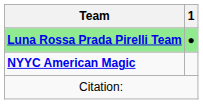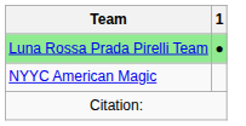 <table class="wikitable" style="font-size:10pt;line-height:1.5;text-align: center;">
 <tr>
 <th>Team</th>
 <th>1</th>
 </tr>
 <tr>
-<td align=left bgcolor="#90EB90"><strong> <a href='#'>Luna Rossa Prada Pirelli Team</a></strong></td>
+<td align=left bgcolor="#90EB90"> <a href='#'>Luna Rossa Prada Pirelli Team</a></td>
 <td bgcolor="#90EB90">●</td>
 </tr>
 <tr>
-<td align=left><strong> <a href='#'>NYYC American Magic</a></strong></td>
+<td align=left> <a href='#'>NYYC American Magic</a></td>
 <td></td>
 </tr>
 <tr>
 <td colspan="3" align=center>Citation:</td>
 </tr>
 </table>
